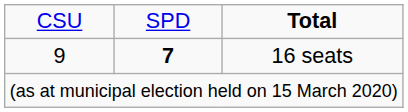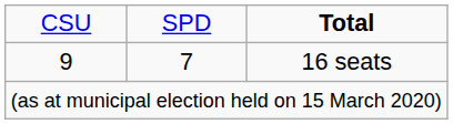 <table class="wikitable">
 <tr align="center">
 <td><a href='#'>CSU</a></td>
 <td><a href='#'>SPD</a></td>
 <td><strong>Total</strong></td>
 </tr>
 <tr align="center">
 <td>9</td>
-<td><strong>7</strong></td>
+<td>7</td>
 <td>16 seats</td>
 </tr>
 <tr>
 <td colspan="3"><small>(as at municipal election held on 15 March 2020)</small></td>
 </tr>
 </table>
